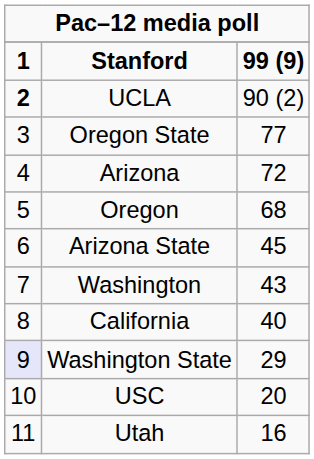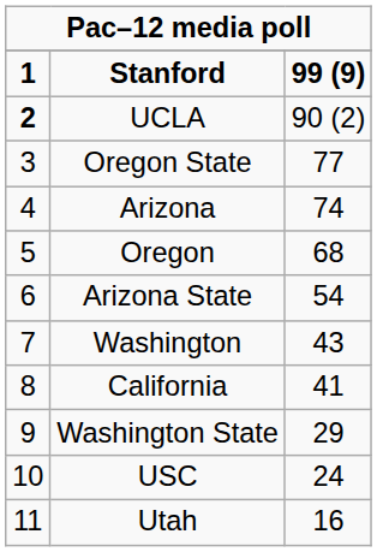 <table class="wikitable" style="display: inline-table;">
 <tr>
 <td align="center" Colspan="3"><strong>Pac–12 media poll</strong></td>
 </tr>
 <tr align="center">
 </tr>
 <tr align="center">
 <td><strong>1</strong></td>
 <td><strong>Stanford</strong></td>
 <td><strong>99 (9)</strong></td>
 </tr>
 <tr align="center">
 <td><strong>2</strong></td>
 <td>UCLA</td>
 <td>90 (2)</td>
 </tr>
 <tr align="center">
 <td>3</td>
 <td>Oregon State</td>
 <td>77</td>
 </tr>
 <tr align="center">
 <td>4</td>
 <td>Arizona</td>
-<td>72</td>
+<td>74</td>
 </tr>
 <tr align="center">
 <td>5</td>
 <td>Oregon</td>
 <td>68</td>
 </tr>
 <tr align="center">
 <td>6</td>
 <td>Arizona State</td>
-<td>45</td>
+<td>54</td>
 </tr>
 <tr align="center">
 <td>7</td>
 <td>Washington</td>
 <td>43</td>
 </tr>
 <tr align="center">
 <td>8</td>
 <td>California</td>
-<td>40</td>
+<td>41</td>
 </tr>
 <tr align="center">
-<td style="background: lavender;">9</td>
+<td>9</td>
 <td>Washington State</td>
 <td>29</td>
 </tr>
 <tr align="center">
 <td>10</td>
 <td>USC</td>
-<td>20</td>
+<td>24</td>
 </tr>
 <tr align="center">
 <td>11</td>
 <td>Utah</td>
 <td>16</td>
 </tr>
 </table>
